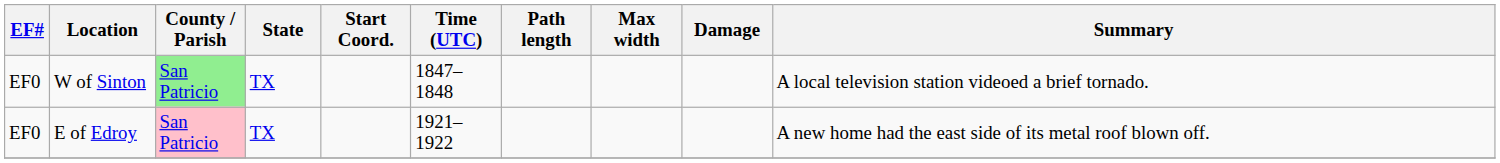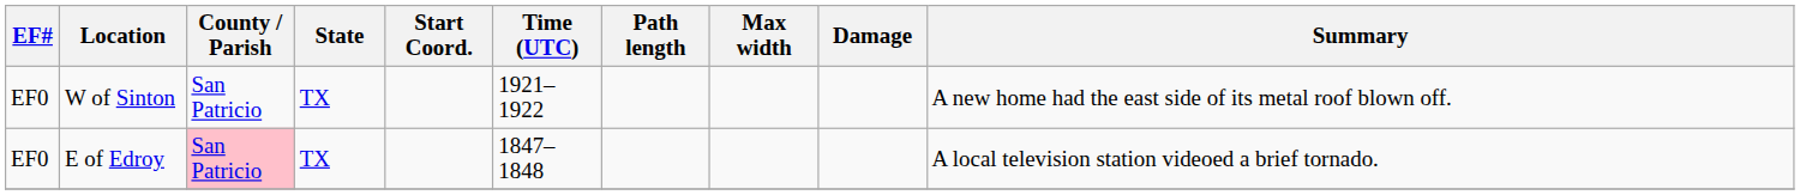 <table class="wikitable sortable" style="width:100%;">
 <tr>
 <th scope="col" width="3%" align="center"><a href='#'>EF#</a></th>
 <th scope="col" width="7%" align="center" class="unsortable">Location</th>
 <th scope="col" width="6%" align="center" class="unsortable">County / Parish</th>
 <th scope="col" width="5%" align="center">State</th>
 <th scope="col" width="6%" align="center">Start Coord.</th>
 <th scope="col" width="6%" align="center">Time (<a href='#'>UTC</a>)</th>
 <th scope="col" width="6%" align="center">Path length</th>
 <th scope="col" width="6%" align="center">Max width</th>
 <th scope="col" width="6%" align="center">Damage</th>
 <th scope="col" width="48%" class="unsortable" align="center">Summary</th>
 </tr>
 <tr>
 <td>EF0</td>
 <td>W of <a href='#'>Sinton</a></td>
-<td style="background: lightgreen;"><a href='#'>San Patricio</a></td>
+<td><a href='#'>San Patricio</a></td>
+<td><a href='#'>TX</a></td>
+<td></td>
+<td>1921–1922</td>
+<td></td>
+<td></td>
+<td></td>
+<td>A new home had the east side of its metal roof blown off.</td>
+</tr>
+<tr>
+<td>EF0</td>
+<td>E of <a href='#'>Edroy</a></td>
+<td style="background: pink;"><a href='#'>San Patricio</a></td>
 <td><a href='#'>TX</a></td>
 <td></td>
 <td>1847–1848</td>
 <td></td>
 <td></td>
 <td></td>
 <td>A local television station videoed a brief tornado.</td>
 </tr>
 <tr>
-<td>EF0</td>
-<td>E of <a href='#'>Edroy</a></td>
-<td style="background: pink;"><a href='#'>San Patricio</a></td>
-<td><a href='#'>TX</a></td>
-<td></td>
-<td>1921–1922</td>
-<td></td>
-<td></td>
-<td></td>
-<td>A new home had the east side of its metal roof blown off.</td>
-</tr>
-<tr>
 </tr>
 </table>
